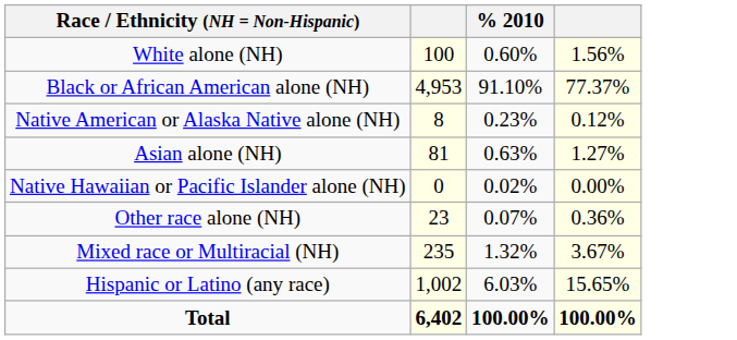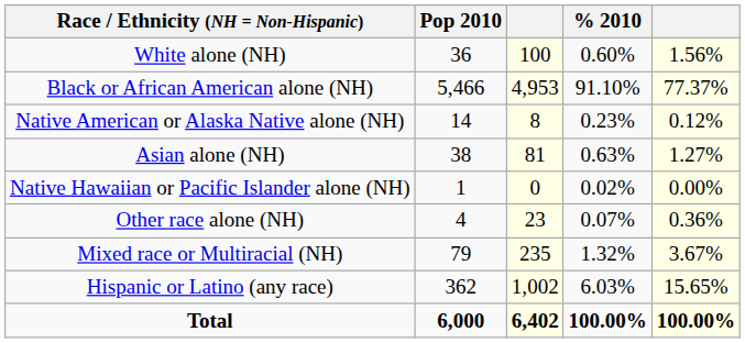 <table class="wikitable" style="text-align:center;">
 <tr>
 <th>Race / Ethnicity <small>(<em>NH = Non-Hispanic</em>)</small></th>
+<th>Pop 2010</th>
 <th></th>
 <th>% 2010</th>
 <th></th>
 </tr>
 <tr>
 <td><a href='#'>White</a> alone (NH)</td>
+<td>36</td>
 <td style='background: #ffffe6;'>100</td>
 <td>0.60%</td>
 <td style='background: #ffffe6;'>1.56%</td>
 </tr>
 <tr>
 <td><a href='#'>Black or African American</a> alone (NH)</td>
+<td>5,466</td>
 <td style='background: #ffffe6;'>4,953</td>
 <td>91.10%</td>
 <td style='background: #ffffe6;'>77.37%</td>
 </tr>
 <tr>
 <td><a href='#'>Native American</a> or <a href='#'>Alaska Native</a> alone (NH)</td>
+<td>14</td>
 <td style='background: #ffffe6;'>8</td>
 <td>0.23%</td>
 <td style='background: #ffffe6;'>0.12%</td>
 </tr>
 <tr>
 <td><a href='#'>Asian</a> alone (NH)</td>
+<td>38</td>
 <td style='background: #ffffe6;'>81</td>
 <td>0.63%</td>
 <td style='background: #ffffe6;'>1.27%</td>
 </tr>
 <tr>
 <td><a href='#'>Native Hawaiian</a> or <a href='#'>Pacific Islander</a> alone (NH)</td>
+<td>1</td>
 <td style='background: #ffffe6;'>0</td>
 <td>0.02%</td>
 <td style='background: #ffffe6;'>0.00%</td>
 </tr>
 <tr>
 <td><a href='#'>Other race</a> alone (NH)</td>
+<td>4</td>
 <td style='background: #ffffe6;'>23</td>
 <td>0.07%</td>
 <td style='background: #ffffe6;'>0.36%</td>
 </tr>
 <tr>
 <td><a href='#'>Mixed race or Multiracial</a> (NH)</td>
+<td>79</td>
 <td style='background: #ffffe6;'>235</td>
 <td>1.32%</td>
 <td style='background: #ffffe6;'>3.67%</td>
 </tr>
 <tr>
 <td><a href='#'>Hispanic or Latino</a> (any race)</td>
+<td>362</td>
 <td style='background: #ffffe6;'>1,002</td>
 <td>6.03%</td>
 <td style='background: #ffffe6;'>15.65%</td>
 </tr>
 <tr>
 <td><strong>Total</strong></td>
+<td><strong>6,000</strong></td>
 <td style='background: #ffffe6;'><strong>6,402</strong></td>
 <td><strong>100.00%</strong></td>
 <td style='background: #ffffe6;'><strong>100.00%</strong></td>
 </tr>
 </table>
